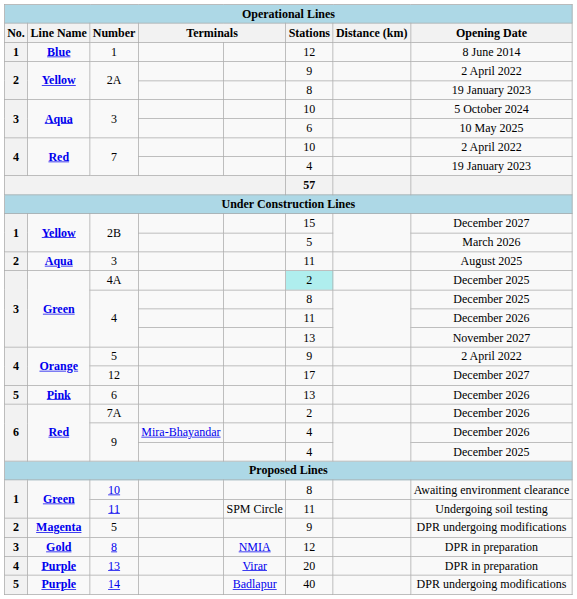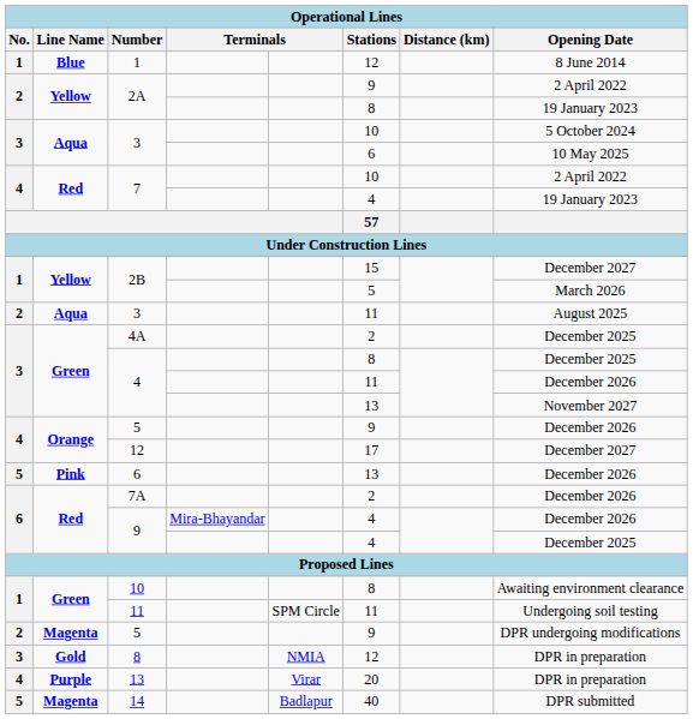 <table class="wikitable sortable"  style="text-align:center; width: 60%;">
 <tr>
 <th colspan="8" style="background:#ADD8E6;">Operational Lines</th>
 </tr>
 <tr>
 <th>No.</th>
 <th>Line Name</th>
 <th>Number</th>
 <th colspan="2">Terminals</th>
 <th>Stations</th>
 <th>Distance (km)</th>
 <th>Opening Date</th>
 </tr>
 <tr>
 <th>1</th>
 <td style="background:#"><a href='#'><span><strong>Blue</strong></span></a></td>
 <td>1</td>
 <td></td>
 <td></td>
 <td style="text-align:center;">12</td>
 <td style="text-align:center;"></td>
 <td style="text-align:center;">8 June 2014</td>
 </tr>
 <tr>
 <th rowspan="2">2</th>
 <td rowspan="2" style="background:#"><a href='#'><span><strong>Yellow</strong></span></a></td>
 <td rowspan="2">2A</td>
 <td></td>
 <td></td>
 <td style="text-align:center;">9</td>
 <td style="text-align:center;"></td>
 <td style="text-align:center;">2 April 2022</td>
 </tr>
 <tr>
 <td></td>
 <td></td>
 <td style="text-align:center;">8</td>
 <td style="text-align:center;"></td>
 <td style="text-align:center;">19 January 2023</td>
 </tr>
 <tr>
 <th rowspan="2">3</th>
 <td rowspan="2" style="background:#"><a href='#'><span><strong>Aqua</strong></span></a></td>
 <td rowspan="2">3</td>
 <td></td>
 <td></td>
 <td style="text-align:center;">10</td>
 <td style="text-align:center;"></td>
 <td style="text-align:center;">5 October 2024</td>
 </tr>
 <tr>
 <td></td>
 <td></td>
 <td>6</td>
 <td></td>
 <td>10 May 2025</td>
 </tr>
 <tr>
 <th rowspan="2">4</th>
 <td rowspan="2" style="background:#"><a href='#'><span><strong>Red</strong></span></a></td>
 <td rowspan="2">7</td>
 <td></td>
 <td></td>
 <td style="text-align:center;">10</td>
 <td style="text-align:center;"></td>
 <td style="text-align:center;">2 April 2022</td>
 </tr>
 <tr>
 <td></td>
 <td></td>
 <td style="text-align:center;">4</td>
 <td style="text-align:center;"></td>
 <td style="text-align:center;">19 January 2023</td>
 </tr>
 <tr>
 <th colspan="5"></th>
 <th>57</th>
 <th></th>
 <th></th>
 </tr>
 <tr>
 <th colspan="8" style="background:#ADD8E6;">Under Construction Lines</th>
 </tr>
 <tr>
 <th rowspan="2">1</th>
 <td rowspan="2" style="background:#"><a href='#'><span><strong>Yellow</strong></span></a></td>
 <td rowspan="2">2B</td>
 <td></td>
 <td></td>
 <td>15</td>
 <td rowspan="2"></td>
 <td>December 2027</td>
 </tr>
 <tr>
 <td></td>
 <td></td>
 <td>5</td>
 <td>March 2026</td>
 </tr>
 <tr>
 <th>2</th>
 <td style="background:#"><a href='#'><span><strong>Aqua</strong></span></a></td>
 <td>3</td>
 <td></td>
 <td></td>
 <td>11</td>
 <td></td>
 <td>August 2025</td>
 </tr>
 <tr>
 <th rowspan="4">3</th>
 <td rowspan="4" style="background:#"><a href='#'><span><strong>Green</strong></span></a></td>
 <td>4A</td>
 <td></td>
 <td></td>
-<td style="background: paleturquoise;">2</td>
+<td>2</td>
 <td></td>
 <td>December 2025</td>
 </tr>
 <tr>
 <td rowspan="3">4</td>
 <td></td>
 <td></td>
 <td>8</td>
 <td rowspan="3"></td>
 <td>December 2025</td>
 </tr>
 <tr>
 <td></td>
 <td></td>
 <td>11</td>
 <td>December 2026</td>
 </tr>
 <tr>
 <td></td>
 <td></td>
 <td>13</td>
 <td>November 2027</td>
 </tr>
 <tr>
 <th rowspan="2">4</th>
 <td rowspan="2" style="background:#"><a href='#'><span><strong>Orange</strong></span></a></td>
 <td>5</td>
 <td></td>
 <td></td>
 <td>9</td>
 <td></td>
-<td style="text-align:center;">2 April 2022</td>
+<td>December 2026</td>
 </tr>
 <tr>
 <td>12</td>
 <td></td>
 <td></td>
 <td>17</td>
 <td></td>
 <td>December 2027</td>
 </tr>
 <tr>
 <th>5</th>
 <td style="background:#"><a href='#'><span><strong>Pink</strong></span></a></td>
 <td>6</td>
 <td></td>
 <td></td>
 <td>13</td>
 <td></td>
 <td>December 2026</td>
 </tr>
 <tr>
 <th rowspan="3">6</th>
 <td rowspan="3" style="background:#"><a href='#'><span><strong>Red</strong></span></a></td>
 <td>7A</td>
 <td></td>
 <td></td>
 <td>2</td>
 <td></td>
 <td>December 2026</td>
 </tr>
 <tr>
 <td rowspan="2">9</td>
 <td><a href='#'>Mira-Bhayandar</a></td>
 <td></td>
 <td>4</td>
 <td rowspan="2"></td>
 <td>December 2026</td>
 </tr>
 <tr>
 <td></td>
 <td></td>
 <td>4</td>
 <td>December 2025</td>
 </tr>
 <tr>
 <th colspan="8" style="background:#ADD8E6;">Proposed Lines</th>
 </tr>
 <tr>
 <th rowspan="2">1</th>
 <td rowspan="2" style="background:#"><a href='#'><span><strong>Green</strong></span></a></td>
 <td><a href='#'>10</a></td>
 <td></td>
 <td></td>
 <td>8</td>
 <td></td>
 <td>Awaiting environment clearance</td>
 </tr>
 <tr>
 <td><a href='#'>11</a></td>
 <td></td>
 <td>SPM Circle</td>
 <td>11</td>
 <td></td>
 <td>Undergoing soil testing</td>
 </tr>
 <tr>
 <th>2</th>
 <td style="background:#"><a href='#'><span><strong>Magenta</strong></span></a></td>
 <td>5</td>
 <td></td>
 <td></td>
 <td>9</td>
 <td></td>
 <td>DPR undergoing modifications</td>
 </tr>
 <tr>
 <th>3</th>
 <td style="background:#"><a href='#'><span><strong>Gold</strong></span></a></td>
 <td><a href='#'>8</a></td>
 <td></td>
 <td><a href='#'>NMIA</a></td>
 <td>12</td>
 <td></td>
 <td>DPR in preparation</td>
 </tr>
 <tr>
 <th>4</th>
 <td style="background:#"><a href='#'><span><strong>Purple</strong></span></a></td>
 <td><a href='#'>13</a></td>
 <td></td>
 <td><a href='#'>Virar</a></td>
 <td>20</td>
 <td></td>
 <td>DPR in preparation</td>
 </tr>
 <tr>
 <th>5</th>
-<td style="background:#"><a href='#'><span><strong>Purple</strong></span></a></td>
+<td style="background:#"><a href='#'><span><strong>Magenta</strong></span></a></td>
 <td><a href='#'>14</a></td>
 <td></td>
 <td><a href='#'>Badlapur</a></td>
 <td>40</td>
 <td></td>
-<td>DPR undergoing modifications</td>
+<td>DPR submitted</td>
 </tr>
 </table>
